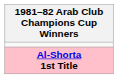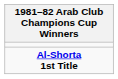 <table class="wikitable" style="text-align: center; margin: 0 auto; width: 20%">
 <tr>
 <th>1981–82 Arab Club Champions Cup<br> Winners</th>
 </tr>
 <tr>
 <td></td>
 </tr>
 <tr>
-<td style="background: pink;"><strong><a href='#'>Al-Shorta</a></strong><br><strong>1st Title</strong></td>
+<td><strong><a href='#'>Al-Shorta</a></strong><br><strong>1st Title</strong></td>
 </tr>
 </table>
